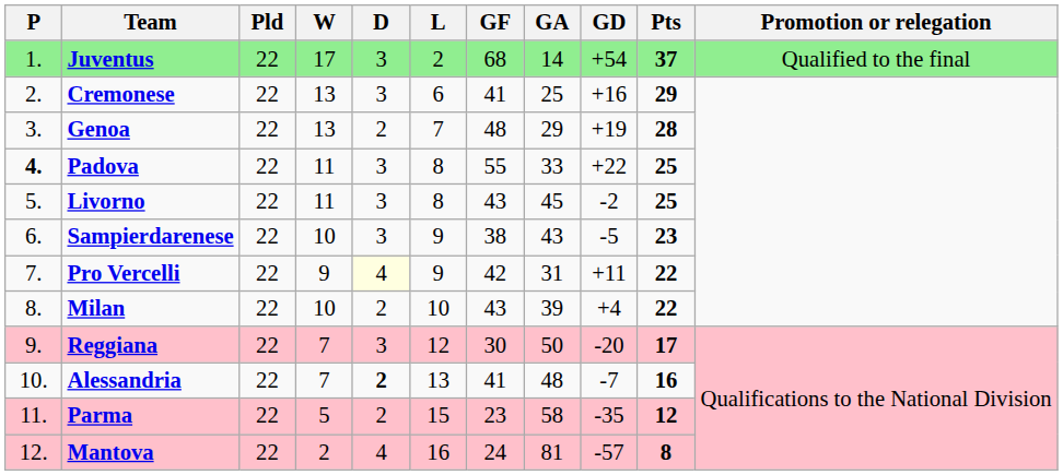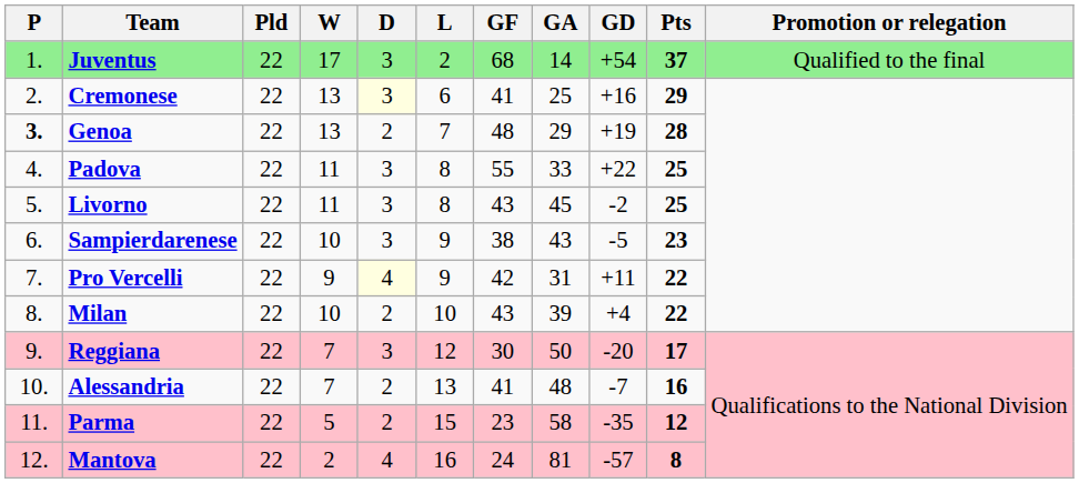 <table class="wikitable sortable" style="text-align: center;">
 <tr>
 <th width=33>P<br></th>
 <th>Team<br></th>
 <th width=33>Pld<br></th>
 <th width=33>W<br></th>
 <th width=33>D<br></th>
 <th width=33>L<br></th>
 <th width=33>GF<br></th>
 <th width=33>GA<br></th>
 <th width=33>GD<br></th>
 <th width=33>Pts<br></th>
 <th class="unsortable" width=250>Promotion or relegation<br></th>
 </tr>
 <tr style="background: #90EE90;">
 <td>1.</td>
 <td align="left"><strong><a href='#'>Juventus</a></strong></td>
 <td>22</td>
 <td>17</td>
 <td>3</td>
 <td>2</td>
 <td>68</td>
 <td>14</td>
 <td>+54</td>
 <td><strong>37</strong></td>
 <td>Qualified to the final</td>
 </tr>
 <tr>
 <td>2.</td>
 <td align="left"><strong><a href='#'>Cremonese</a></strong></td>
 <td>22</td>
 <td>13</td>
-<td>3</td>
+<td style="background: lightyellow;">3</td>
 <td>6</td>
 <td>41</td>
 <td>25</td>
 <td>+16</td>
 <td><strong>29</strong></td>
 <td rowspan="7"></td>
 </tr>
 <tr>
-<td>3.</td>
+<td><strong>3.</strong></td>
 <td align="left"><strong><a href='#'>Genoa</a></strong></td>
 <td>22</td>
 <td>13</td>
 <td>2</td>
 <td>7</td>
 <td>48</td>
 <td>29</td>
 <td>+19</td>
 <td><strong>28</strong></td>
 </tr>
 <tr>
-<td><strong>4.</strong></td>
+<td>4.</td>
 <td align="left"><strong><a href='#'>Padova</a></strong></td>
 <td>22</td>
 <td>11</td>
 <td>3</td>
 <td>8</td>
 <td>55</td>
 <td>33</td>
 <td>+22</td>
 <td><strong>25</strong></td>
 </tr>
 <tr>
 <td>5.</td>
 <td align="left"><strong><a href='#'>Livorno</a></strong></td>
 <td>22</td>
 <td>11</td>
 <td>3</td>
 <td>8</td>
 <td>43</td>
 <td>45</td>
 <td>-2</td>
 <td><strong>25</strong></td>
 </tr>
 <tr>
 <td>6.</td>
 <td align="left"><strong><a href='#'>Sampierdarenese</a></strong></td>
 <td>22</td>
 <td>10</td>
 <td>3</td>
 <td>9</td>
 <td>38</td>
 <td>43</td>
 <td>-5</td>
 <td><strong>23</strong></td>
 </tr>
 <tr>
 <td>7.</td>
 <td align="left"><strong><a href='#'>Pro Vercelli</a></strong></td>
 <td>22</td>
 <td>9</td>
 <td style="background: lightyellow;">4</td>
 <td>9</td>
 <td>42</td>
 <td>31</td>
 <td>+11</td>
 <td><strong>22</strong></td>
 </tr>
 <tr>
 <td>8.</td>
 <td align="left"><strong><a href='#'>Milan</a></strong></td>
 <td>22</td>
 <td>10</td>
 <td>2</td>
 <td>10</td>
 <td>43</td>
 <td>39</td>
 <td>+4</td>
 <td><strong>22</strong></td>
 </tr>
 <tr style="background: pink;">
 <td>9.</td>
 <td align="left"><strong><a href='#'>Reggiana</a></strong></td>
 <td>22</td>
 <td>7</td>
 <td>3</td>
 <td>12</td>
 <td>30</td>
 <td>50</td>
 <td>-20</td>
 <td><strong>17</strong></td>
 <td rowspan="4">Qualifications to the National Division</td>
 </tr>
 <tr>
 <td>10.</td>
 <td align="left"><strong><a href='#'>Alessandria</a></strong></td>
 <td>22</td>
 <td>7</td>
-<td><strong>2</strong></td>
+<td>2</td>
 <td>13</td>
 <td>41</td>
 <td>48</td>
 <td>-7</td>
 <td><strong>16</strong></td>
 </tr>
 <tr style="background: pink;">
 <td>11.</td>
 <td align="left"><strong><a href='#'>Parma</a></strong></td>
 <td>22</td>
 <td>5</td>
 <td>2</td>
 <td>15</td>
 <td>23</td>
 <td>58</td>
 <td>-35</td>
 <td><strong>12</strong></td>
 </tr>
 <tr style="background: pink;">
 <td>12.</td>
 <td align="left"><strong><a href='#'>Mantova</a></strong></td>
 <td>22</td>
 <td>2</td>
 <td>4</td>
 <td>16</td>
 <td>24</td>
 <td>81</td>
 <td>-57</td>
 <td><strong>8</strong></td>
 </tr>
 </table>
